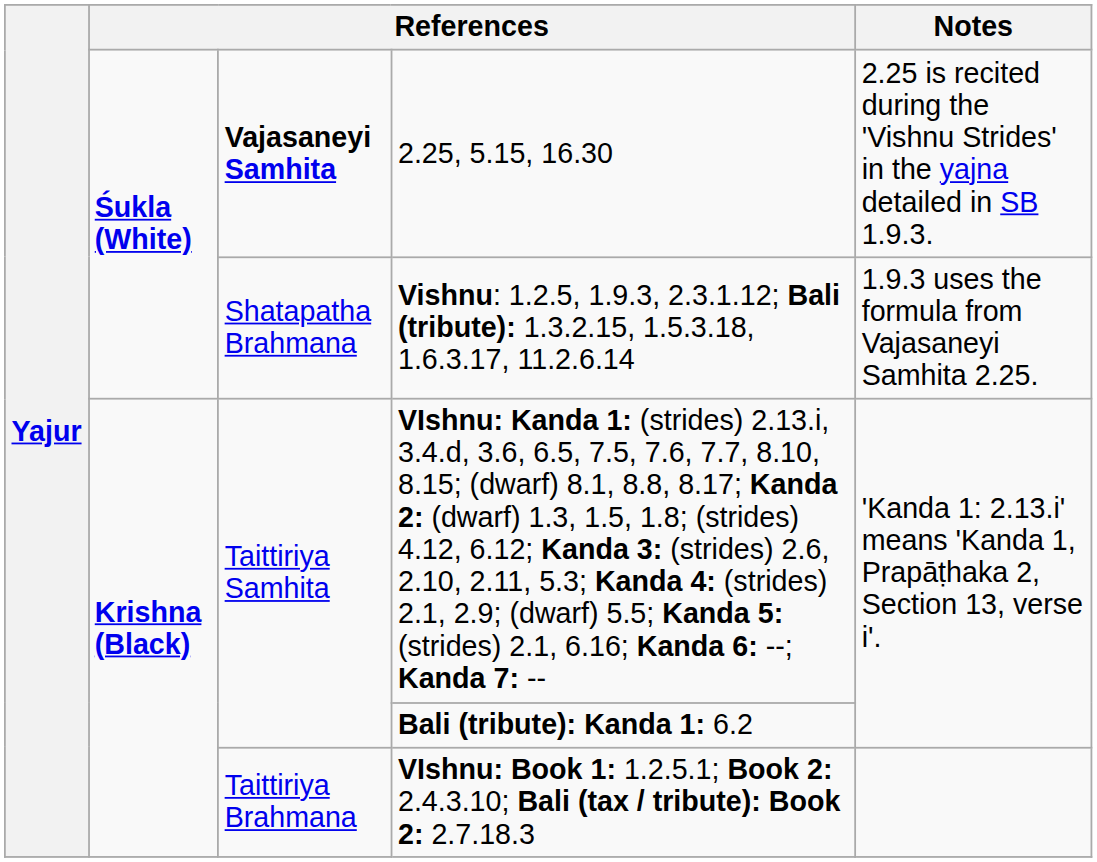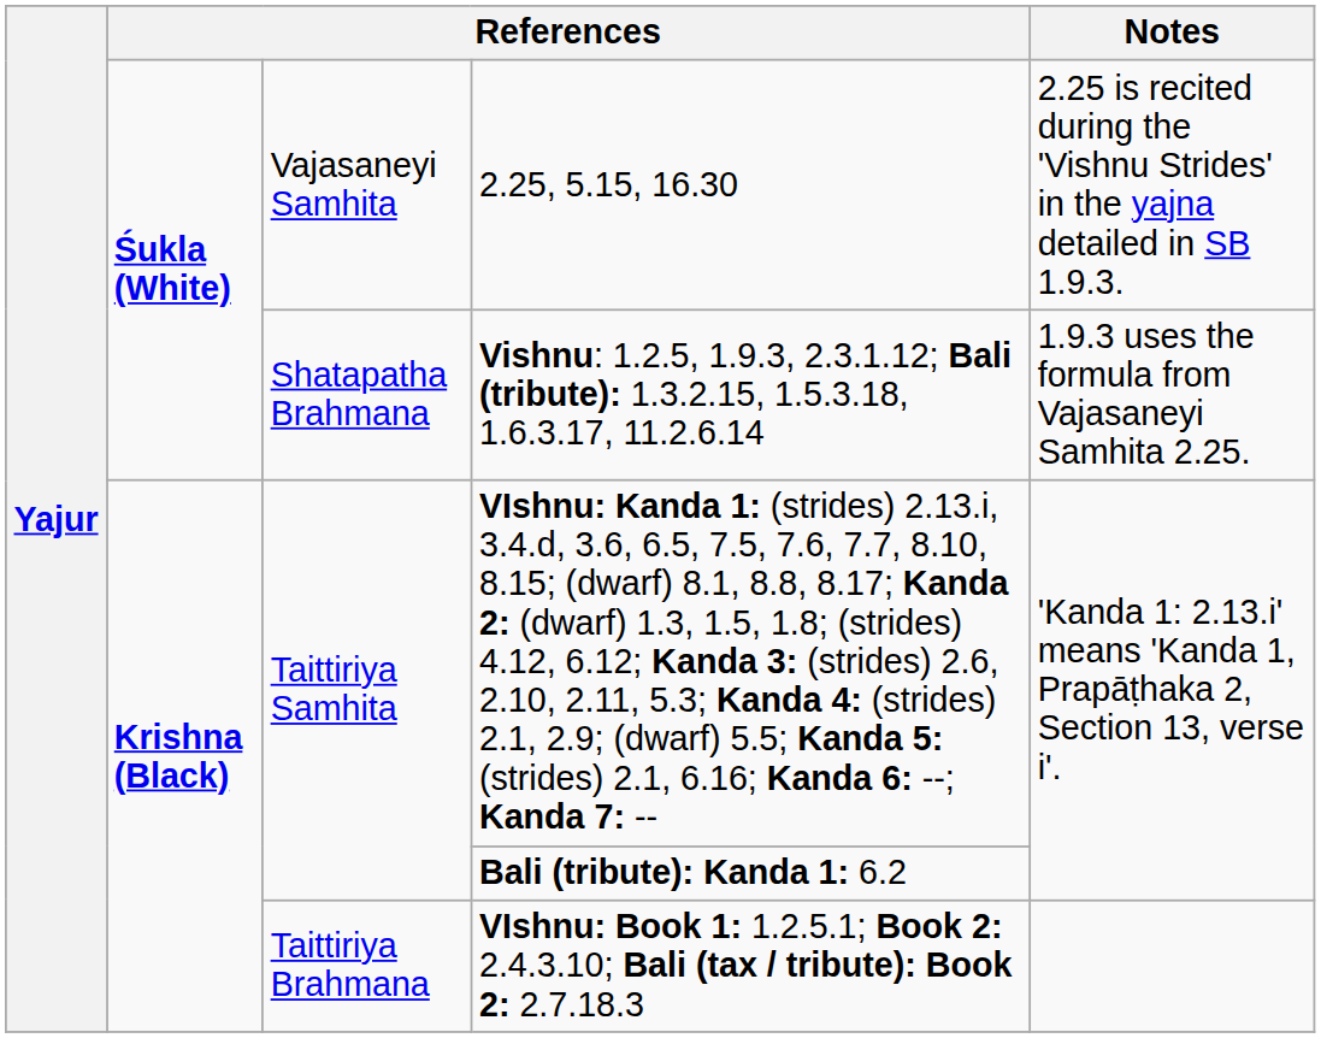 <table class="wikitable">
 <tr>
 <th rowspan="6"><a href='#'>Yajur</a></th>
 <th colspan="3">References</th>
 <th>Notes</th>
 </tr>
 <tr>
 <td rowspan="2"><strong><a href='#'>Śukla (White)</a></strong></td>
-<td><strong>Vajasaneyi <a href='#'>Samhita</a></strong></td>
+<td>Vajasaneyi <a href='#'>Samhita</a></td>
 <td>2.25, 5.15, 16.30</td>
 <td>2.25 is recited during the 'Vishnu Strides' in the <a href='#'>yajna</a> detailed in <a href='#'>SB</a> 1.9.3.</td>
 </tr>
 <tr>
 <td><a href='#'>Shatapatha Brahmana</a></td>
 <td><strong>Vishnu</strong>: 1.2.5, 1.9.3, 2.3.1.12; <strong>Bali (tribute):</strong> 1.3.2.15, 1.5.3.18, 1.6.3.17, 11.2.6.14</td>
 <td>1.9.3 uses the formula from Vajasaneyi Samhita 2.25.</td>
 </tr>
 <tr>
 <td rowspan="3"><strong><a href='#'>Krishna (Black)</a></strong></td>
 <td rowspan="2"><a href='#'>Taittiriya</a> <a href='#'>Samhita</a></td>
 <td><strong>VIshnu: Kanda 1:</strong> (strides) 2.13.i, 3.4.d, 3.6, 6.5, 7.5, 7.6, 7.7, 8.10, 8.15; (dwarf) 8.1, 8.8, 8.17; <strong>Kanda 2:</strong> (dwarf) 1.3, 1.5, 1.8; (strides) 4.12, 6.12; <strong>Kanda 3:</strong> (strides) 2.6, 2.10, 2.11, 5.3;  <strong>Kanda 4:</strong> (strides) 2.1, 2.9; (dwarf) 5.5; <strong>Kanda 5:</strong> (strides) 2.1, 6.16; <strong>Kanda 6:</strong> --; <strong>Kanda 7:</strong> --</td>
 <td rowspan="2">'Kanda 1: 2.13.i' means 'Kanda 1, Prapāṭhaka 2, Section 13, verse i'.</td>
 </tr>
 <tr>
 <td><strong>Bali (tribute):</strong> <strong>Kanda 1:</strong> 6.2</td>
 </tr>
 <tr>
 <td><a href='#'>Taittiriya Brahmana</a></td>
 <td><strong>VIshnu: Book 1:</strong> 1.2.5.1; <strong>Book 2:</strong> 2.4.3.10; <strong>Bali (tax / tribute): Book 2:</strong> 2.7.18.3</td>
 <td></td>
 </tr>
 </table>
